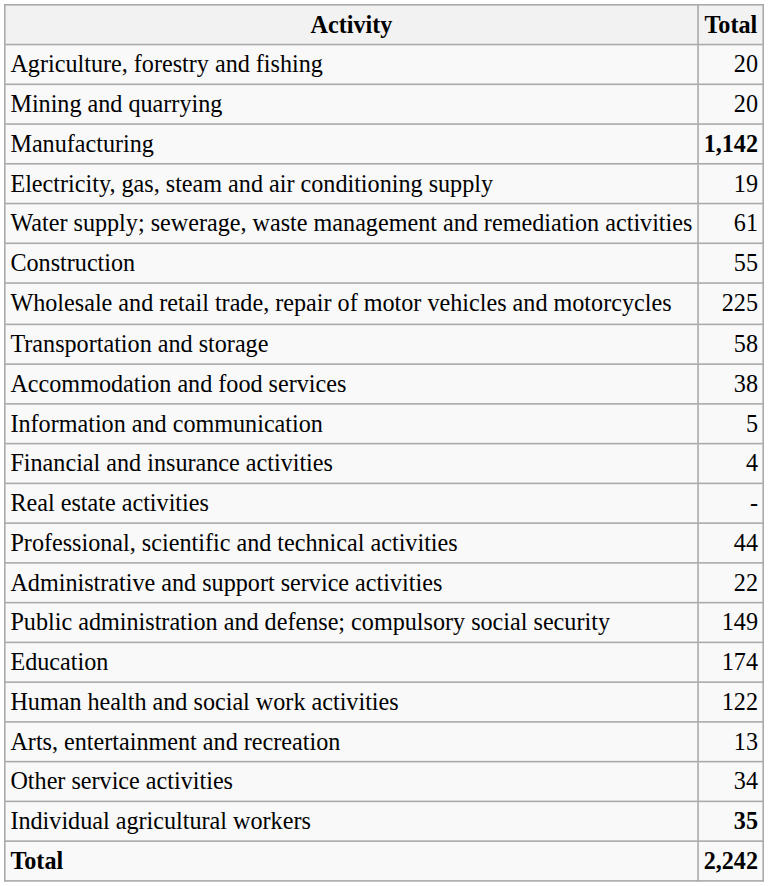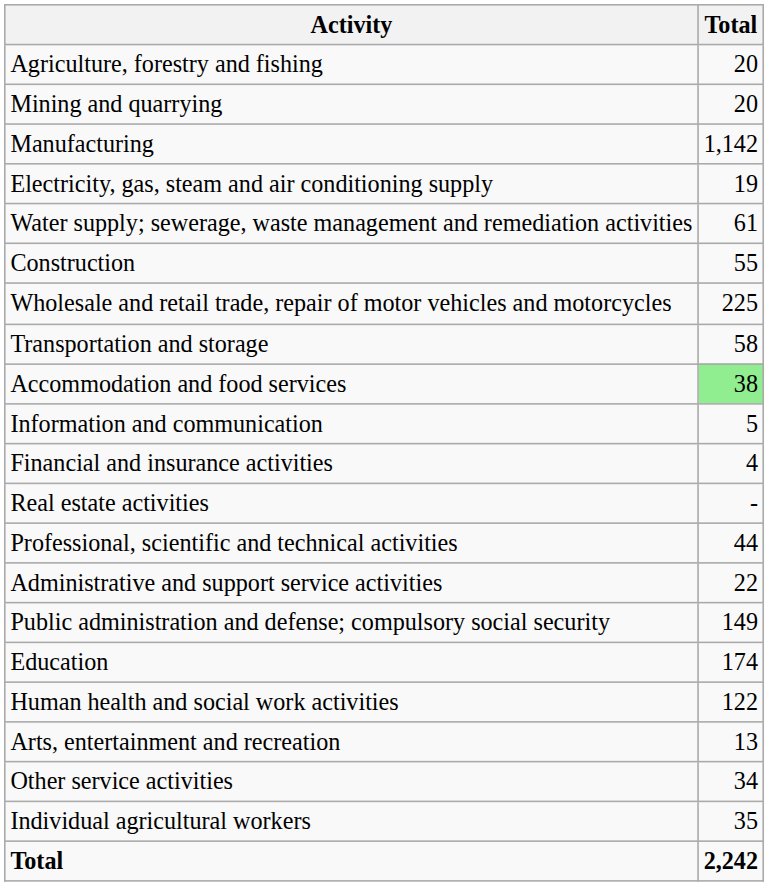 <table class="wikitable sortable" style="font-size:95%;">
 <tr>
 <th>Activity</th>
 <th>Total</th>
 </tr>
 <tr>
 <td>Agriculture, forestry and fishing</td>
 <td align="right">20</td>
 </tr>
 <tr>
 <td>Mining and quarrying</td>
 <td align="right">20</td>
 </tr>
 <tr>
 <td>Manufacturing</td>
-<td align="right"><strong>1,142</strong></td>
+<td align="right">1,142</td>
 </tr>
 <tr>
 <td>Electricity, gas, steam and air conditioning supply</td>
 <td align="right">19</td>
 </tr>
 <tr>
 <td>Water supply; sewerage, waste management and remediation activities</td>
 <td align="right">61</td>
 </tr>
 <tr>
 <td>Construction</td>
 <td align="right">55</td>
 </tr>
 <tr>
 <td>Wholesale and retail trade, repair of motor vehicles and motorcycles</td>
 <td align="right">225</td>
 </tr>
 <tr>
 <td>Transportation and storage</td>
 <td align="right">58</td>
 </tr>
 <tr>
 <td>Accommodation and food services</td>
-<td align="right">38</td>
+<td align="right" style="background: lightgreen;">38</td>
 </tr>
 <tr>
 <td>Information and communication</td>
 <td align="right">5</td>
 </tr>
 <tr>
 <td>Financial and insurance activities</td>
 <td align="right">4</td>
 </tr>
 <tr>
 <td>Real estate activities</td>
 <td align="right">-</td>
 </tr>
 <tr>
 <td>Professional, scientific and technical activities</td>
 <td align="right">44</td>
 </tr>
 <tr>
 <td>Administrative and support service activities</td>
 <td align="right">22</td>
 </tr>
 <tr>
 <td>Public administration and defense; compulsory social security</td>
 <td align="right">149</td>
 </tr>
 <tr>
 <td>Education</td>
 <td align="right">174</td>
 </tr>
 <tr>
 <td>Human health and social work activities</td>
 <td align="right">122</td>
 </tr>
 <tr>
 <td>Arts, entertainment and recreation</td>
 <td align="right">13</td>
 </tr>
 <tr>
 <td>Other service activities</td>
 <td align="right">34</td>
 </tr>
 <tr>
 <td>Individual agricultural workers</td>
-<td align="right"><strong>35</strong></td>
+<td align="right">35</td>
 </tr>
 <tr class="sortbottom">
 <td><strong>Total</strong></td>
 <td align="right"><strong>2,242</strong></td>
 </tr>
 </table>
